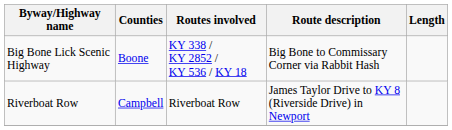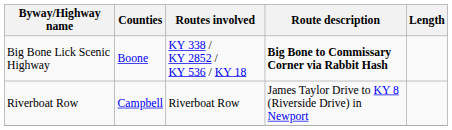 <table class="wikitable">
 <tr>
 <th>Byway/Highway name </th>
 <th>Counties</th>
 <th>Routes involved</th>
 <th>Route description</th>
 <th>Length</th>
 </tr>
 <tr>
 <td>Big Bone Lick Scenic Highway</td>
 <td><a href='#'>Boone</a></td>
 <td><a href='#'>KY 338</a> / <a href='#'>KY 2852</a> / <a href='#'>KY 536</a> / <a href='#'>KY 18</a></td>
-<td>Big Bone to Commissary Corner via Rabbit Hash</td>
+<td><strong>Big Bone to Commissary Corner via Rabbit Hash</strong></td>
 <td></td>
 </tr>
 <tr>
 <td>Riverboat Row</td>
 <td><a href='#'>Campbell</a></td>
 <td>Riverboat Row</td>
 <td>James Taylor Drive to <a href='#'>KY 8</a> (Riverside Drive) in <a href='#'>Newport</a></td>
 <td></td>
 </tr>
 <tr>
 </tr>
 </table>
